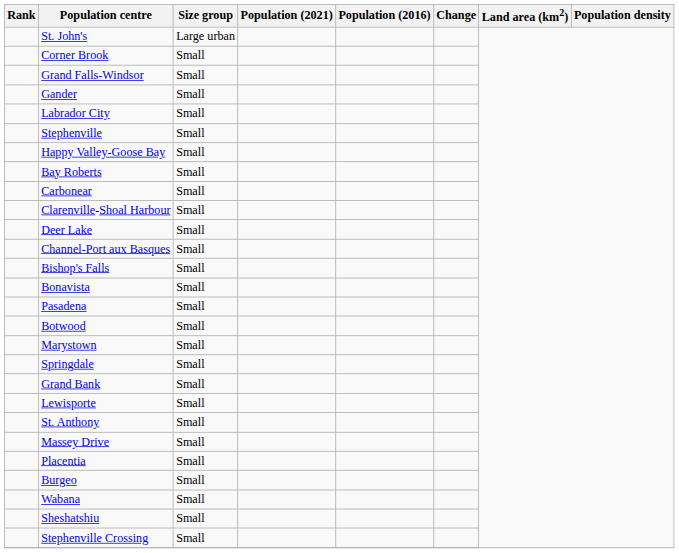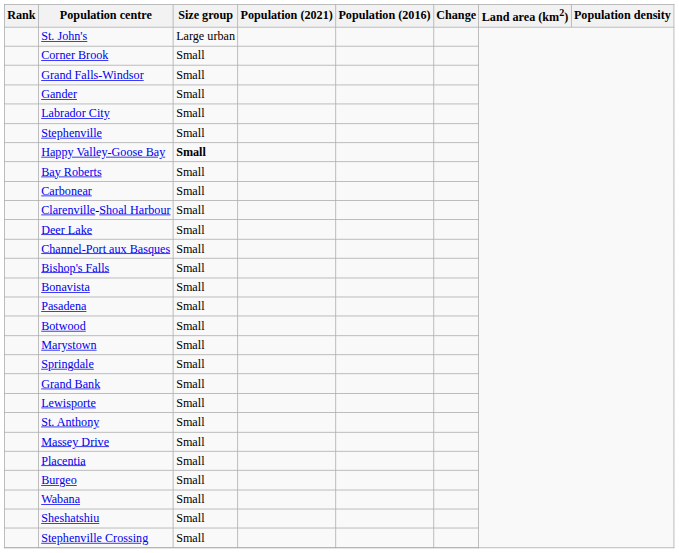 <table class="wikitable sortable">
 <tr>
 <th>Rank</th>
 <th>Population centre</th>
 <th>Size group</th>
 <th>Population (2021)</th>
 <th>Population (2016)</th>
 <th>Change</th>
 <th>Land area (km<sup>2</sup>)</th>
 <th>Population density</th>
 </tr>
 <tr>
 <td scope=row align=center></td>
 <td><a href='#'>St. John's</a></td>
 <td>Large urban</td>
 <td></td>
 <td align=center></td>
 <td align=center></td>
 </tr>
 <tr>
 <td scope=row align=center></td>
 <td><a href='#'>Corner Brook</a></td>
 <td>Small</td>
 <td></td>
 <td align=center></td>
 <td align=center></td>
 </tr>
 <tr>
 <td scope=row align=center></td>
 <td><a href='#'>Grand Falls-Windsor</a></td>
 <td>Small</td>
 <td></td>
 <td align=center></td>
 <td align=center></td>
 </tr>
 <tr>
 <td scope=row align=center></td>
 <td><a href='#'>Gander</a></td>
 <td>Small</td>
 <td></td>
 <td align=center></td>
 <td align=center></td>
 </tr>
 <tr>
 <td scope=row align=center></td>
 <td><a href='#'>Labrador City</a></td>
 <td>Small</td>
 <td></td>
 <td align=center></td>
 <td align=center></td>
 </tr>
 <tr>
 <td scope=row align=center></td>
 <td><a href='#'>Stephenville</a></td>
 <td>Small</td>
 <td></td>
 <td align=center></td>
 <td align=center></td>
 </tr>
 <tr>
 <td scope=row align=center></td>
 <td><a href='#'>Happy Valley-Goose Bay</a></td>
-<td>Small</td>
+<td><strong>Small</strong></td>
 <td></td>
 <td align=center></td>
 <td align=center></td>
 </tr>
 <tr>
 <td scope=row align=center></td>
 <td><a href='#'>Bay Roberts</a></td>
 <td>Small</td>
 <td></td>
 <td align=center></td>
 <td align=center></td>
 </tr>
 <tr>
 <td scope=row align=center></td>
 <td><a href='#'>Carbonear</a></td>
 <td>Small</td>
 <td></td>
 <td align=center></td>
 <td align=center></td>
 </tr>
 <tr>
 <td scope=row align=center></td>
 <td><a href='#'>Clarenville</a>-<a href='#'>Shoal Harbour</a></td>
 <td>Small</td>
 <td></td>
 <td align=center></td>
 <td align=center></td>
 </tr>
 <tr>
 <td scope=row align=center></td>
 <td><a href='#'>Deer Lake</a></td>
 <td>Small</td>
 <td></td>
 <td align=center></td>
 <td align=center></td>
 </tr>
 <tr>
 <td scope=row align=center></td>
 <td><a href='#'>Channel-Port aux Basques</a></td>
 <td>Small</td>
 <td></td>
 <td align=center></td>
 <td align=center></td>
 </tr>
 <tr>
 <td scope=row align=center></td>
 <td><a href='#'>Bishop's Falls</a></td>
 <td>Small</td>
 <td></td>
 <td align=center></td>
 <td align=center></td>
 </tr>
 <tr>
 <td scope=row align=center></td>
 <td><a href='#'>Bonavista</a></td>
 <td>Small</td>
 <td></td>
 <td align=center></td>
 <td align=center></td>
 </tr>
 <tr>
 <td scope=row align=center></td>
 <td><a href='#'>Pasadena</a></td>
 <td>Small</td>
 <td></td>
 <td align=center></td>
 <td align=center></td>
 </tr>
 <tr>
 <td scope=row align=center></td>
 <td><a href='#'>Botwood</a></td>
 <td>Small</td>
 <td></td>
 <td align=center></td>
 <td align=center></td>
 </tr>
 <tr>
 <td scope=row align=center></td>
 <td><a href='#'>Marystown</a></td>
 <td>Small</td>
 <td></td>
 <td align=center></td>
 <td align=center></td>
 </tr>
 <tr>
 <td scope=row align=center></td>
 <td><a href='#'>Springdale</a></td>
 <td>Small</td>
 <td></td>
 <td align=center></td>
 <td align=center></td>
 </tr>
 <tr>
 <td scope=row align=center></td>
 <td><a href='#'>Grand Bank</a></td>
 <td>Small</td>
 <td></td>
 <td align=center></td>
 <td align=center></td>
 </tr>
 <tr>
 <td scope=row align=center></td>
 <td><a href='#'>Lewisporte</a></td>
 <td>Small</td>
 <td></td>
 <td align=center></td>
 <td align=center></td>
 </tr>
 <tr>
 <td scope=row align=center></td>
 <td><a href='#'>St. Anthony</a></td>
 <td>Small</td>
 <td></td>
 <td align=center></td>
 <td align=center></td>
 </tr>
 <tr>
 <td scope=row align=center></td>
 <td><a href='#'>Massey Drive</a></td>
 <td>Small</td>
 <td></td>
 <td align=center></td>
 <td align=center></td>
 </tr>
 <tr>
 <td scope=row align=center></td>
 <td><a href='#'>Placentia</a></td>
 <td>Small</td>
 <td></td>
 <td align=center></td>
 <td align=center></td>
 </tr>
 <tr>
 <td scope=row align=center></td>
 <td><a href='#'>Burgeo</a></td>
 <td>Small</td>
 <td></td>
 <td align=center></td>
 <td align=center></td>
 </tr>
 <tr>
 <td scope=row align=center></td>
 <td><a href='#'>Wabana</a></td>
 <td>Small</td>
 <td></td>
 <td align=center></td>
 <td align=center></td>
 </tr>
 <tr>
 <td scope=row align=center></td>
 <td><a href='#'>Sheshatshiu</a></td>
 <td>Small</td>
 <td></td>
 <td align=center></td>
 <td align=center></td>
 </tr>
 <tr>
 <td scope=row align=center></td>
 <td><a href='#'>Stephenville Crossing</a></td>
 <td>Small</td>
 <td></td>
 <td align=center></td>
 <td align=center></td>
 </tr>
 <tr>
 </tr>
 </table>
